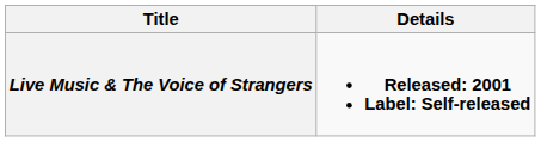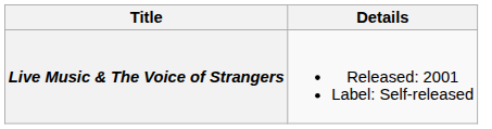 <table class="wikitable plainrowheaders" style="text-align:center;">
 <tr>
 <th>Title</th>
 <th>Details</th>
 </tr>
 <tr>
 <th scope="row"><em>Live Music & The Voice of Strangers</em></th>
-<td><strong><br><ul><li>Released: 2001</li><li>Label: Self-released</li></ul></strong></td>
+<td><br><ul><li>Released: 2001</li><li>Label: Self-released</li></ul></td>
 </tr>
 </table>
